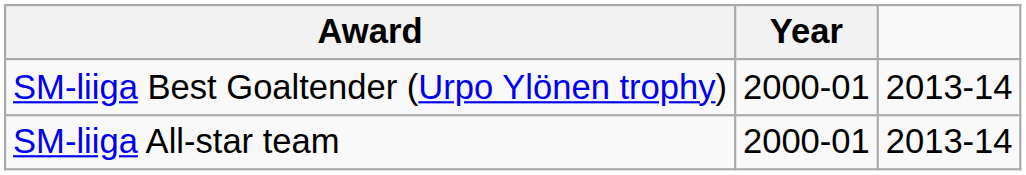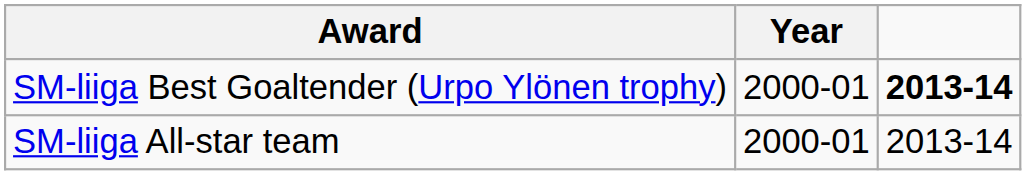 <table class="wikitable">
 <tr>
 <th>Award</th>
 <th>Year</th>
 </tr>
 <tr>
 <td><a href='#'>SM-liiga</a> Best Goaltender (<a href='#'>Urpo Ylönen trophy</a>)</td>
 <td>2000-01</td>
-<td>2013-14</td>
+<td><strong>2013-14</strong></td>
 </tr>
 <tr>
 <td><a href='#'>SM-liiga</a> All-star team</td>
 <td>2000-01</td>
 <td>2013-14</td>
 </tr>
 </table>
